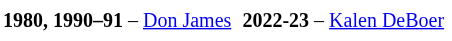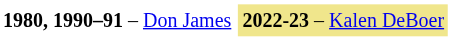 <table cellpadding="3" style="font-size:.9em">
 <tr>
 </tr>
 <tr>
 </tr>
 <tr style="vertical-align:top;">
 <td><strong>1980, 1990–91</strong> – <a href='#'>Don James</a></td>
-<td><strong>2022-23</strong> – <a href='#'>Kalen DeBoer</a></td>
+<td style="background: khaki;"><strong>2022-23</strong> – <a href='#'>Kalen DeBoer</a></td>
 </tr>
 </table>
